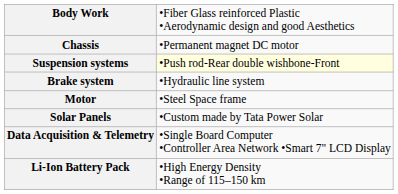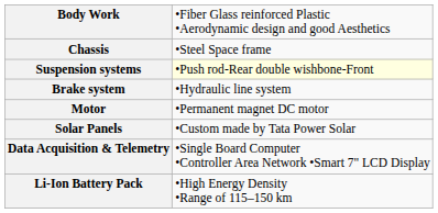 <table class="wikitable">
 <tr style="vertical-align: top">
 <th>Body Work</th>
 <td>•Fiber Glass reinforced Plastic<br>•Aerodynamic design and good Aesthetics</td>
 </tr>
 <tr style="vertical-align: top">
 <th>Chassis</th>
-<td>•Permanent magnet DC motor</td>
+<td>•Steel Space frame</td>
 </tr>
 <tr style="vertical-align: top">
 <th>Suspension systems</th>
 <td style="background: lightyellow;">•Push rod-Rear double wishbone-Front</td>
 </tr>
 <tr style="vertical-align: top">
 <th>Brake system</th>
 <td>•Hydraulic line system</td>
 </tr>
 <tr style="vertical-align: top">
 <th>Motor</th>
-<td>•Steel Space frame</td>
+<td>•Permanent magnet DC motor</td>
 </tr>
 <tr style="vertical-align: top">
 <th>Solar Panels</th>
 <td>•Custom made by Tata Power Solar</td>
 </tr>
 <tr style="vertical-align: top">
 <th>Data Acquisition & Telemetry</th>
 <td>•Single Board Computer<br>•Controller Area Network •Smart 7" LCD Display</td>
 </tr>
 <tr style="vertical-align: top">
 <th>Li-Ion Battery Pack</th>
 <td>•High Energy Density<br>•Range of 115–150 km</td>
 </tr>
 </table>
